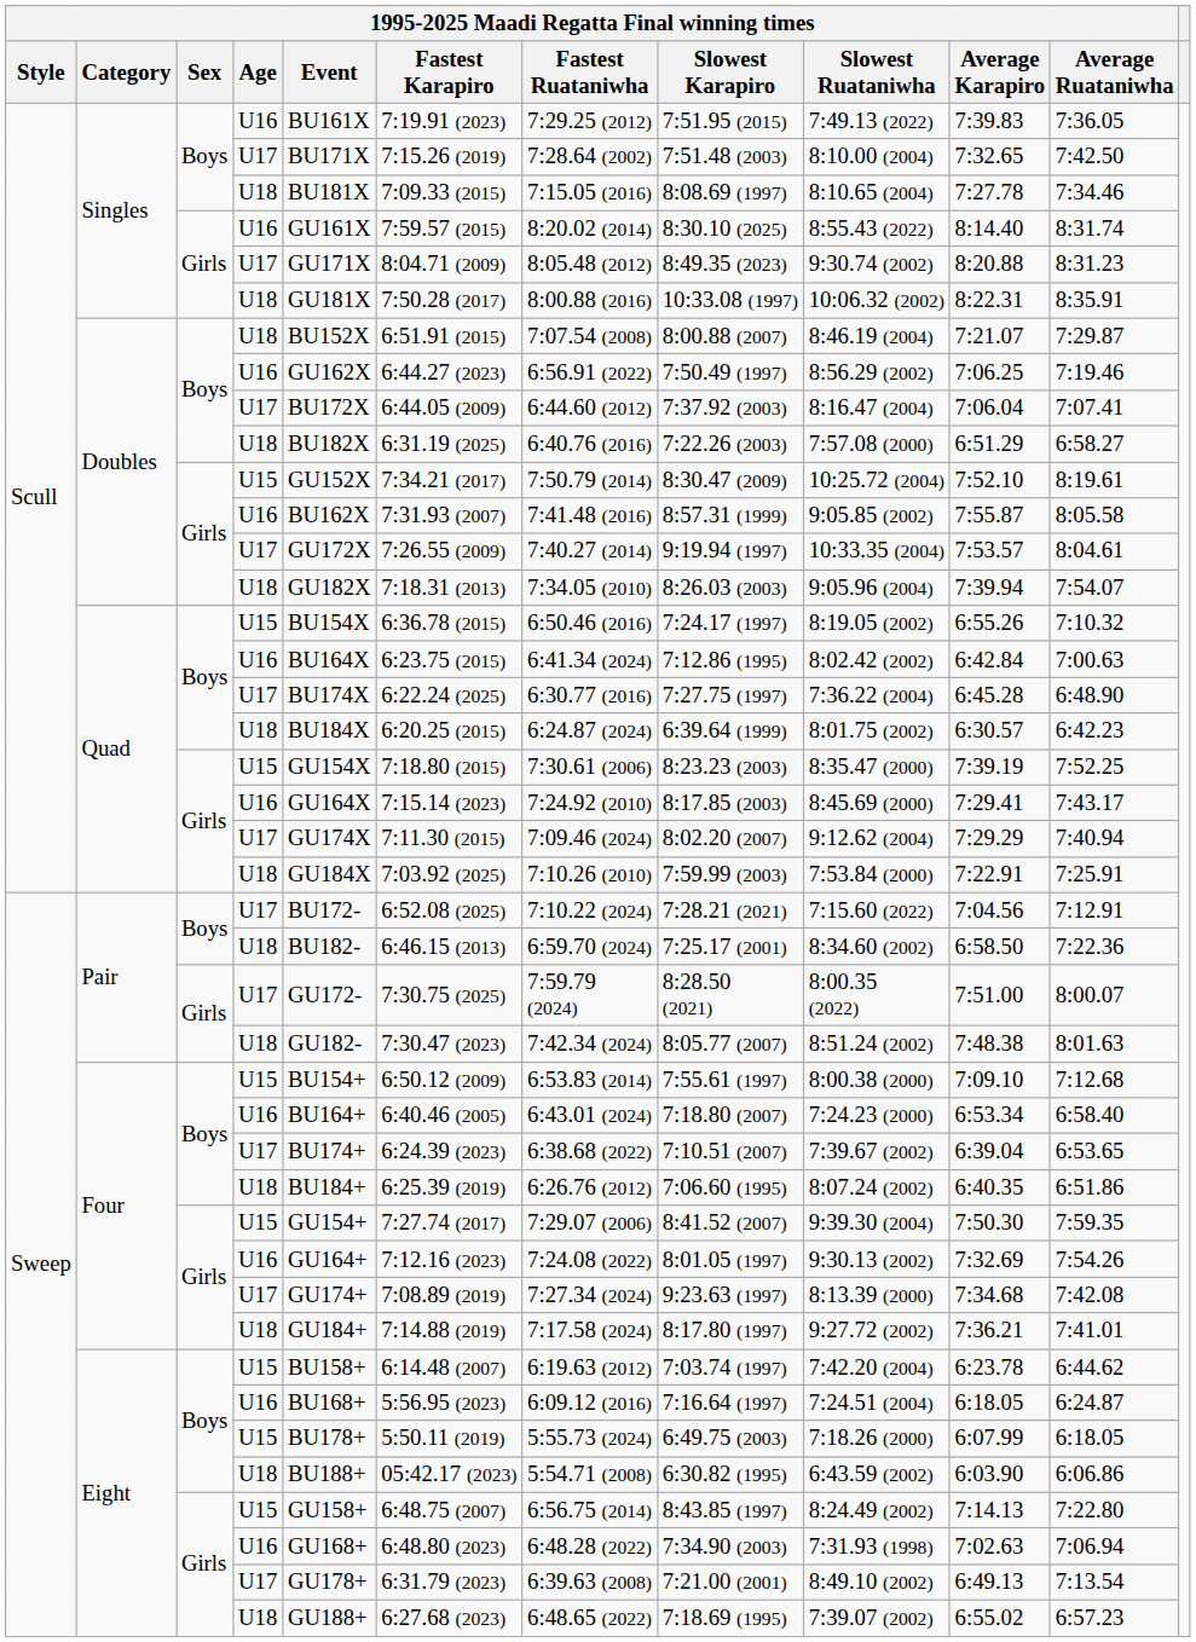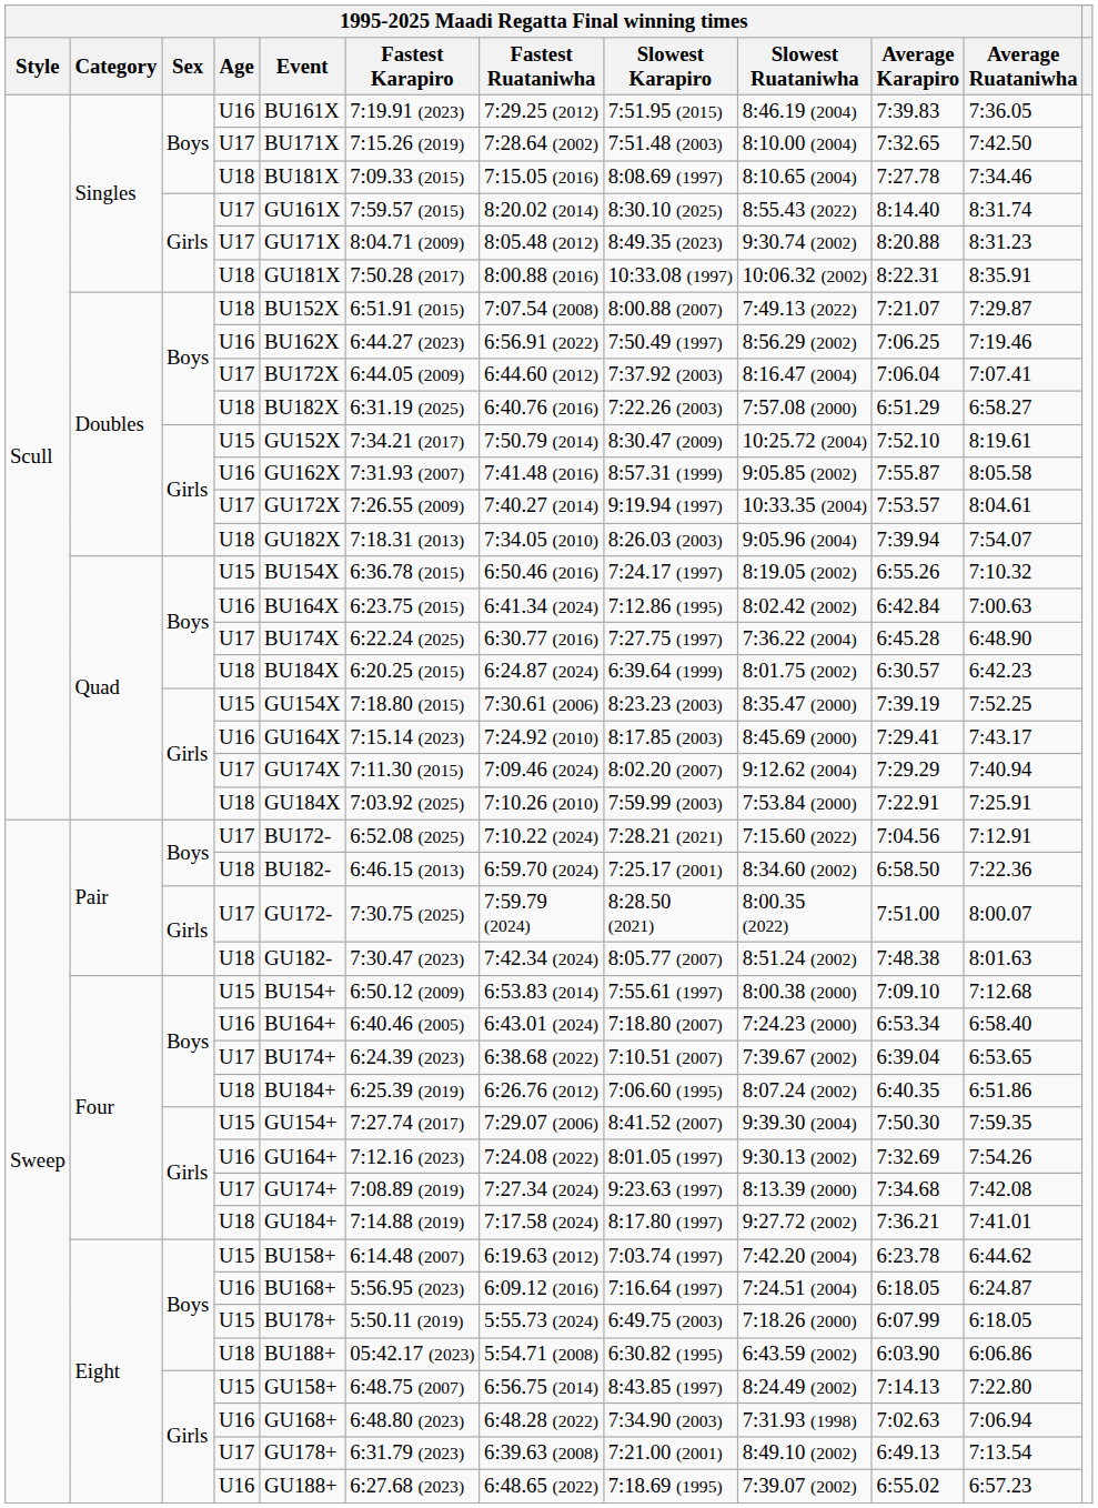 <table class="wikitable">
 <tr>
 <th colspan="11">1995-2025 Maadi Regatta Final winning times</th>
 <th></th>
 </tr>
 <tr>
 <th>Style</th>
 <th>Category</th>
 <th>Sex</th>
 <th>Age</th>
 <th>Event</th>
 <th>Fastest<br>Karapiro</th>
 <th>Fastest<br>Ruataniwha</th>
 <th>Slowest<br>Karapiro</th>
 <th>Slowest<br>Ruataniwha</th>
 <th>Average<br>Karapiro</th>
 <th>Average<br>Ruataniwha</th>
 <th></th>
 </tr>
 <tr>
 <td rowspan="22">Scull</td>
 <td rowspan="6">Singles</td>
 <td rowspan="3">Boys</td>
 <td>U16</td>
 <td>BU161X</td>
 <td>7:19.91 <small>(2023)</small></td>
 <td>7:29.25 <small>(2012)</small></td>
 <td>7:51.95 <small>(2015)</small></td>
-<td>7:49.13 <small>(2022)</small></td>
+<td>8:46.19 <small>(2004)</small></td>
 <td>7:39.83</td>
 <td>7:36.05</td>
 <td rowspan="42"></td>
 </tr>
 <tr>
 <td>U17</td>
 <td>BU171X</td>
 <td>7:15.26 <small>(2019)</small></td>
 <td>7:28.64 <small>(2002)</small></td>
 <td>7:51.48 <small>(2003)</small></td>
 <td>8:10.00 <small>(2004)</small></td>
 <td>7:32.65</td>
 <td>7:42.50</td>
 </tr>
 <tr>
 <td>U18</td>
 <td>BU181X</td>
 <td>7:09.33 <small>(2015)</small></td>
 <td>7:15.05 <small>(2016)</small></td>
 <td>8:08.69 <small>(1997)</small></td>
 <td>8:10.65 <small>(2004)</small></td>
 <td>7:27.78</td>
 <td>7:34.46</td>
 </tr>
 <tr>
 <td rowspan="3">Girls</td>
-<td>U16</td>
+<td>U17</td>
 <td>GU161X</td>
 <td>7:59.57 <small>(2015)</small></td>
 <td>8:20.02 <small>(2014)</small></td>
 <td>8:30.10 <small>(2025)</small></td>
 <td>8:55.43 <small>(2022)</small></td>
 <td>8:14.40</td>
 <td>8:31.74</td>
 </tr>
 <tr>
 <td>U17</td>
 <td>GU171X</td>
 <td>8:04.71 <small>(2009)</small></td>
 <td>8:05.48 <small>(2012)</small></td>
 <td>8:49.35 <small>(2023)</small></td>
 <td>9:30.74 <small>(2002)</small></td>
 <td>8:20.88</td>
 <td>8:31.23</td>
 </tr>
 <tr>
 <td>U18</td>
 <td>GU181X</td>
 <td>7:50.28 <small>(2017)</small></td>
 <td>8:00.88 <small>(2016)</small></td>
 <td>10:33.08 <small>(1997)</small></td>
 <td>10:06.32 <small>(2002)</small></td>
 <td>8:22.31</td>
 <td>8:35.91</td>
 </tr>
 <tr>
 <td rowspan="8">Doubles</td>
 <td rowspan="4">Boys</td>
 <td>U18</td>
 <td>BU152X</td>
 <td>6:51.91 <small>(2015)</small></td>
 <td>7:07.54 <small>(2008)</small></td>
 <td>8:00.88 <small>(2007)</small></td>
-<td>8:46.19 <small>(2004)</small></td>
+<td>7:49.13 <small>(2022)</small></td>
 <td>7:21.07</td>
 <td>7:29.87</td>
 </tr>
 <tr>
 <td>U16</td>
-<td>GU162X</td>
+<td>BU162X</td>
 <td>6:44.27 <small>(2023)</small></td>
 <td>6:56.91 <small>(2022)</small></td>
 <td>7:50.49 <small>(1997)</small></td>
 <td>8:56.29 <small>(2002)</small></td>
 <td>7:06.25</td>
 <td>7:19.46</td>
 </tr>
 <tr>
 <td>U17</td>
 <td>BU172X</td>
 <td>6:44.05 <small>(2009)</small></td>
 <td>6:44.60 <small>(2012)</small></td>
 <td>7:37.92 <small>(2003)</small></td>
 <td>8:16.47 <small>(2004)</small></td>
 <td>7:06.04</td>
 <td>7:07.41</td>
 </tr>
 <tr>
 <td>U18</td>
 <td>BU182X</td>
 <td>6:31.19 <small>(2025)</small></td>
 <td>6:40.76 <small>(2016)</small></td>
 <td>7:22.26 <small>(2003)</small></td>
 <td>7:57.08 <small>(2000)</small></td>
 <td>6:51.29</td>
 <td>6:58.27</td>
 </tr>
 <tr>
 <td rowspan="4">Girls</td>
 <td>U15</td>
 <td>GU152X</td>
 <td>7:34.21 <small>(2017)</small></td>
 <td>7:50.79 <small>(2014)</small></td>
 <td>8:30.47 <small>(2009)</small></td>
 <td>10:25.72 <small>(2004)</small></td>
 <td>7:52.10</td>
 <td>8:19.61</td>
 </tr>
 <tr>
 <td>U16</td>
-<td>BU162X</td>
+<td>GU162X</td>
 <td>7:31.93 <small>(2007)</small></td>
 <td>7:41.48 <small>(2016)</small></td>
 <td>8:57.31 <small>(1999)</small></td>
 <td>9:05.85 <small>(2002)</small></td>
 <td>7:55.87</td>
 <td>8:05.58</td>
 </tr>
 <tr>
 <td>U17</td>
 <td>GU172X</td>
 <td>7:26.55 <small>(2009)</small></td>
 <td>7:40.27 <small>(2014)</small></td>
 <td>9:19.94 <small>(1997)</small></td>
 <td>10:33.35 <small>(2004)</small></td>
 <td>7:53.57</td>
 <td>8:04.61</td>
 </tr>
 <tr>
 <td>U18</td>
 <td>GU182X</td>
 <td>7:18.31 <small>(2013)</small></td>
 <td>7:34.05 <small>(2010)</small></td>
 <td>8:26.03 <small>(2003)</small></td>
 <td>9:05.96 <small>(2004)</small></td>
 <td>7:39.94</td>
 <td>7:54.07</td>
 </tr>
 <tr>
 <td rowspan="8">Quad</td>
 <td rowspan="4">Boys</td>
 <td>U15</td>
 <td>BU154X</td>
 <td>6:36.78 <small>(2015)</small></td>
 <td>6:50.46 <small>(2016)</small></td>
 <td>7:24.17 <small>(1997)</small></td>
 <td>8:19.05 <small>(2002)</small></td>
 <td>6:55.26</td>
 <td>7:10.32</td>
 </tr>
 <tr>
 <td>U16</td>
 <td>BU164X</td>
 <td>6:23.75 <small>(2015)</small></td>
 <td>6:41.34 <small>(2024)</small></td>
 <td>7:12.86 <small>(1995)</small></td>
 <td>8:02.42 <small>(2002)</small></td>
 <td>6:42.84</td>
 <td>7:00.63</td>
 </tr>
 <tr>
 <td>U17</td>
 <td>BU174X</td>
 <td>6:22.24 <small>(2025)</small></td>
 <td>6:30.77 <small>(2016)</small></td>
 <td>7:27.75 <small>(1997)</small></td>
 <td>7:36.22 <small>(2004)</small></td>
 <td>6:45.28</td>
 <td>6:48.90</td>
 </tr>
 <tr>
 <td>U18</td>
 <td>BU184X</td>
 <td>6:20.25 <small>(2015)</small></td>
 <td>6:24.87 <small>(2024)</small></td>
 <td>6:39.64 <small>(1999)</small></td>
 <td>8:01.75 <small>(2002)</small></td>
 <td>6:30.57</td>
 <td>6:42.23</td>
 </tr>
 <tr>
 <td rowspan="4">Girls</td>
 <td>U15</td>
 <td>GU154X</td>
 <td>7:18.80 <small>(2015)</small></td>
 <td>7:30.61 <small>(2006)</small></td>
 <td>8:23.23 <small>(2003)</small></td>
 <td>8:35.47 <small>(2000)</small></td>
 <td>7:39.19</td>
 <td>7:52.25</td>
 </tr>
 <tr>
 <td>U16</td>
 <td>GU164X</td>
 <td>7:15.14 <small>(2023)</small></td>
 <td>7:24.92 <small>(2010)</small></td>
 <td>8:17.85 <small>(2003)</small></td>
 <td>8:45.69 <small>(2000)</small></td>
 <td>7:29.41</td>
 <td>7:43.17</td>
 </tr>
 <tr>
 <td>U17</td>
 <td>GU174X</td>
 <td>7:11.30 <small>(2015)</small></td>
 <td>7:09.46 <small>(2024)</small></td>
 <td>8:02.20 <small>(2007)</small></td>
 <td>9:12.62 <small>(2004)</small></td>
 <td>7:29.29</td>
 <td>7:40.94</td>
 </tr>
 <tr>
 <td>U18</td>
 <td>GU184X</td>
 <td>7:03.92 <small>(2025)</small></td>
 <td>7:10.26 <small>(2010)</small></td>
 <td>7:59.99 <small>(2003)</small></td>
 <td>7:53.84 <small>(2000)</small></td>
 <td>7:22.91</td>
 <td>7:25.91</td>
 </tr>
 <tr>
 <td rowspan="20">Sweep</td>
 <td rowspan="4">Pair</td>
 <td rowspan="2">Boys</td>
 <td>U17</td>
 <td>BU172-</td>
 <td>6:52.08 <small>(2025)</small></td>
 <td>7:10.22 <small>(2024)</small></td>
 <td>7:28.21 <small>(2021)</small></td>
 <td>7:15.60 <small>(2022)</small></td>
 <td>7:04.56</td>
 <td>7:12.91</td>
 </tr>
 <tr>
 <td>U18</td>
 <td>BU182-</td>
 <td>6:46.15 <small>(2013)</small></td>
 <td>6:59.70 <small>(2024)</small></td>
 <td>7:25.17 <small>(2001)</small></td>
 <td>8:34.60 <small>(2002)</small></td>
 <td>6:58.50</td>
 <td>7:22.36</td>
 </tr>
 <tr>
 <td rowspan="2">Girls</td>
 <td>U17</td>
 <td>GU172-</td>
 <td>7:30.75 <small>(2025)</small></td>
 <td>7:59.79<br><small>(2024)</small></td>
 <td>8:28.50<br><small>(2021)</small></td>
 <td>8:00.35<br><small>(2022)</small></td>
 <td>7:51.00</td>
 <td>8:00.07</td>
 </tr>
 <tr>
 <td>U18</td>
 <td>GU182-</td>
 <td>7:30.47 <small>(2023)</small></td>
 <td>7:42.34 <small>(2024)</small></td>
 <td>8:05.77 <small>(2007)</small></td>
 <td>8:51.24 <small>(2002)</small></td>
 <td>7:48.38</td>
 <td>8:01.63</td>
 </tr>
 <tr>
 <td rowspan="8">Four</td>
 <td rowspan="4">Boys</td>
 <td>U15</td>
 <td>BU154+</td>
 <td>6:50.12 <small>(2009)</small></td>
 <td>6:53.83 <small>(2014)</small></td>
 <td>7:55.61 <small>(1997)</small></td>
 <td>8:00.38 <small>(2000)</small></td>
 <td>7:09.10</td>
 <td>7:12.68</td>
 </tr>
 <tr>
 <td>U16</td>
 <td>BU164+</td>
 <td>6:40.46 <small>(2005)</small></td>
 <td>6:43.01 <small>(2024)</small></td>
 <td>7:18.80 <small>(2007)</small></td>
 <td>7:24.23 <small>(2000)</small></td>
 <td>6:53.34</td>
 <td>6:58.40</td>
 </tr>
 <tr>
 <td>U17</td>
 <td>BU174+</td>
 <td>6:24.39 <small>(2023)</small></td>
 <td>6:38.68 <small>(2022)</small></td>
 <td>7:10.51 <small>(2007)</small></td>
 <td>7:39.67 <small>(2002)</small></td>
 <td>6:39.04</td>
 <td>6:53.65</td>
 </tr>
 <tr>
 <td>U18</td>
 <td>BU184+</td>
 <td>6:25.39 <small>(2019)</small></td>
 <td>6:26.76 <small>(2012)</small></td>
 <td>7:06.60 <small>(1995)</small></td>
 <td>8:07.24 <small>(2002)</small></td>
 <td>6:40.35</td>
 <td>6:51.86</td>
 </tr>
 <tr>
 <td rowspan="4">Girls</td>
 <td>U15</td>
 <td>GU154+</td>
 <td>7:27.74 <small>(2017)</small></td>
 <td>7:29.07 <small>(2006)</small></td>
 <td>8:41.52 <small>(2007)</small></td>
 <td>9:39.30 <small>(2004)</small></td>
 <td>7:50.30</td>
 <td>7:59.35</td>
 </tr>
 <tr>
 <td>U16</td>
 <td>GU164+</td>
 <td>7:12.16 <small>(2023)</small></td>
 <td>7:24.08 <small>(2022)</small></td>
 <td>8:01.05 <small>(1997)</small></td>
 <td>9:30.13 <small>(2002)</small></td>
 <td>7:32.69</td>
 <td>7:54.26</td>
 </tr>
 <tr>
 <td>U17</td>
 <td>GU174+</td>
 <td>7:08.89 <small>(2019)</small></td>
 <td>7:27.34 <small>(2024)</small></td>
 <td>9:23.63 <small>(1997)</small></td>
 <td>8:13.39 <small>(2000)</small></td>
 <td>7:34.68</td>
 <td>7:42.08</td>
 </tr>
 <tr>
 <td>U18</td>
 <td>GU184+</td>
 <td>7:14.88 <small>(2019)</small></td>
 <td>7:17.58 <small>(2024)</small></td>
 <td>8:17.80 <small>(1997)</small></td>
 <td>9:27.72 <small>(2002)</small></td>
 <td>7:36.21</td>
 <td>7:41.01</td>
 </tr>
 <tr>
 <td rowspan="8">Eight</td>
 <td rowspan="4">Boys</td>
 <td>U15</td>
 <td>BU158+</td>
 <td>6:14.48 <small>(2007)</small></td>
 <td>6:19.63 <small>(2012)</small></td>
 <td>7:03.74 <small>(1997)</small></td>
 <td>7:42.20 <small>(2004)</small></td>
 <td>6:23.78</td>
 <td>6:44.62</td>
 </tr>
 <tr>
 <td>U16</td>
 <td>BU168+</td>
 <td>5:56.95 <small>(2023)</small></td>
 <td>6:09.12 <small>(2016)</small></td>
 <td>7:16.64 <small>(1997)</small></td>
 <td>7:24.51 <small>(2004)</small></td>
 <td>6:18.05</td>
 <td>6:24.87</td>
 </tr>
 <tr>
 <td>U15</td>
 <td>BU178+</td>
 <td>5:50.11 <small>(2019)</small></td>
 <td>5:55.73 <small>(2024)</small></td>
 <td>6:49.75 <small>(2003)</small></td>
 <td>7:18.26 <small>(2000)</small></td>
 <td>6:07.99</td>
 <td>6:18.05</td>
 </tr>
 <tr>
 <td>U18</td>
 <td>BU188+</td>
 <td>05:42.17 <small>(2023)</small></td>
 <td>5:54.71 <small>(2008)</small></td>
 <td>6:30.82 <small>(1995)</small></td>
 <td>6:43.59 <small>(2002)</small></td>
 <td>6:03.90</td>
 <td>6:06.86</td>
 </tr>
 <tr>
 <td rowspan="4">Girls</td>
 <td>U15</td>
 <td>GU158+</td>
 <td>6:48.75 <small>(2007)</small></td>
 <td>6:56.75 <small>(2014)</small></td>
 <td>8:43.85 <small>(1997)</small></td>
 <td>8:24.49 <small>(2002)</small></td>
 <td>7:14.13</td>
 <td>7:22.80</td>
 </tr>
 <tr>
 <td>U16</td>
 <td>GU168+</td>
 <td>6:48.80 <small>(2023)</small></td>
 <td>6:48.28 <small>(2022)</small></td>
 <td>7:34.90 <small>(2003)</small></td>
 <td>7:31.93 <small>(1998)</small></td>
 <td>7:02.63</td>
 <td>7:06.94</td>
 </tr>
 <tr>
 <td>U17</td>
 <td>GU178+</td>
 <td>6:31.79 <small>(2023)</small></td>
 <td>6:39.63 <small>(2008)</small></td>
 <td>7:21.00 <small>(2001)</small></td>
 <td>8:49.10 <small>(2002)</small></td>
 <td>6:49.13</td>
 <td>7:13.54</td>
 </tr>
 <tr>
-<td>U18</td>
+<td>U16</td>
 <td>GU188+</td>
 <td>6:27.68 <small>(2023)</small></td>
 <td>6:48.65 <small>(2022)</small></td>
 <td>7:18.69 <small>(1995)</small></td>
 <td>7:39.07 <small>(2002)</small></td>
 <td>6:55.02</td>
 <td>6:57.23</td>
 </tr>
 </table>
